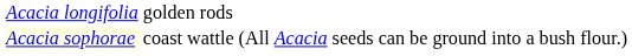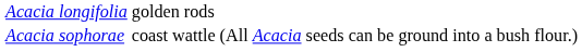 <table>
 <tr>
 <td><em><a href='#'>Acacia longifolia</a></em></td>
 <td>golden rods</td>
 </tr>
 <tr>
-<td style="background: lightyellow;"><em><a href='#'>Acacia sophorae</a></em></td>
+<td><em><a href='#'>Acacia sophorae</a></em></td>
 <td>coast wattle (All <em><a href='#'>Acacia</a></em> seeds can be ground into a bush flour.)</td>
 </tr>
 </table>
